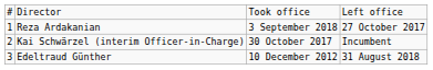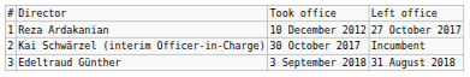 <table class="wikitable">
 <tr>
 <td>#</td>
 <td>Director</td>
 <td>Took office</td>
 <td>Left office</td>
 </tr>
 <tr>
 <td>1</td>
 <td>Reza Ardakanian</td>
-<td>3 September 2018</td>
+<td>10 December 2012</td>
 <td>27 October 2017</td>
 </tr>
 <tr>
 <td>2</td>
 <td>Kai Schwärzel (interim Officer-in-Charge)</td>
 <td>30 October 2017</td>
 <td>Incumbent</td>
 </tr>
 <tr>
 <td>3</td>
 <td>Edeltraud Günther</td>
-<td>10 December 2012</td>
+<td>3 September 2018</td>
 <td>31 August 2018</td>
 </tr>
 </table>
